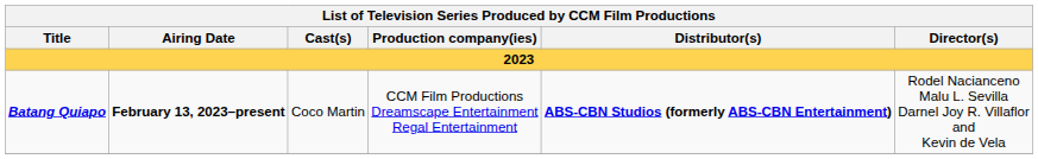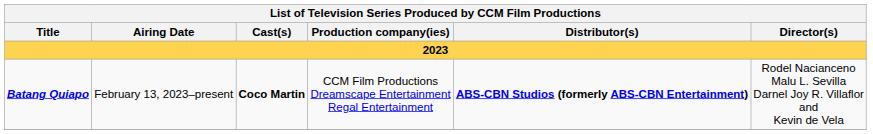 <table class="wikitable" style="text-align:center; margin: 1em 1em 1em 0; background: #f9f9f9">
 <tr>
 <th colspan="6">List of Television Series Produced by CCM Film Productions</th>
 </tr>
 <tr>
 <th>Title</th>
 <th>Airing Date</th>
 <th>Cast(s)</th>
 <th>Production company(ies)</th>
 <th>Distributor(s)</th>
 <th>Director(s)</th>
 </tr>
 <tr>
 <td colspan="8" style="background:#FDD34F;"><strong>2023</strong></td>
 </tr>
 <tr>
 <td><strong><em><a href='#'>Batang Quiapo</a></em></strong></td>
-<td><strong>February 13, 2023–present</strong></td>
-<td>Coco Martin</td>
+<td>February 13, 2023–present</td>
+<td><strong>Coco Martin</strong></td>
 <td>CCM Film Productions <br> <a href='#'>Dreamscape Entertainment</a> <br> <a href='#'>Regal Entertainment</a></td>
 <td><strong><a href='#'>ABS-CBN Studios</a> (formerly <a href='#'>ABS-CBN Entertainment</a>)</strong></td>
 <td>Rodel Nacianceno <br> Malu L. Sevilla <br> Darnel Joy R. Villaflor <br> and <br> Kevin de Vela</td>
 </tr>
 <tr>
 </tr>
 </table>
